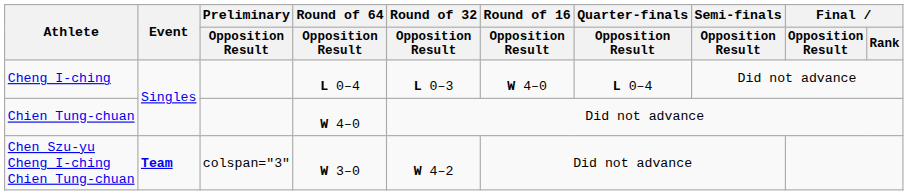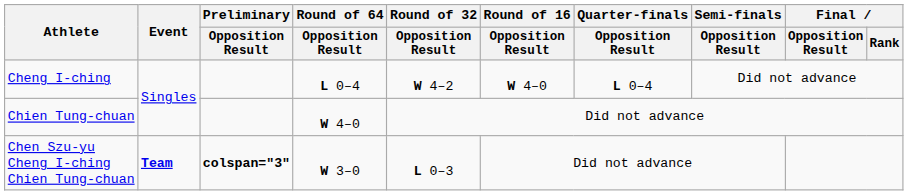 <table class="wikitable" style="font-size:90%; text-align:center">
 <tr>
 <th rowspan="2">Athlete</th>
 <th rowspan="2">Event</th>
 <th>Preliminary</th>
 <th>Round of 64</th>
 <th>Round of 32</th>
 <th>Round of 16</th>
 <th>Quarter-finals</th>
 <th>Semi-finals</th>
 <th colspan="2">Final / </th>
 </tr>
 <tr style=font-size:95%>
 <th>Opposition<br>Result</th>
 <th>Opposition<br>Result</th>
 <th>Opposition<br>Result</th>
 <th>Opposition<br>Result</th>
 <th>Opposition<br>Result</th>
 <th>Opposition<br>Result</th>
 <th>Opposition<br>Result</th>
 <th>Rank</th>
 </tr>
 <tr>
 <td align="left"><a href='#'>Cheng I-ching</a></td>
 <td align="left" rowspan="2"><a href='#'>Singles</a></td>
 <td></td>
 <td><br><strong>L</strong> 0–4</td>
-<td><br><strong>L</strong> 0–3</td>
+<td><br><strong>W</strong> 4–2</td>
 <td><br><strong>W</strong> 4–0</td>
 <td><br><strong>L</strong> 0–4</td>
 <td colspan="3">Did not advance</td>
 </tr>
 <tr>
 <td align="left"><a href='#'>Chien Tung-chuan</a></td>
 <td></td>
 <td><br><strong>W</strong> 4–0</td>
 <td colspan="6">Did not advance</td>
 </tr>
 <tr>
 <td align="left"><a href='#'>Chen Szu-yu</a><br><a href='#'>Cheng I-ching</a><br><a href='#'>Chien Tung-chuan</a></td>
 <td align="left"><strong><a href='#'>Team</a></strong></td>
-<td>colspan="3" </td>
+<td><strong>colspan="3" </strong></td>
 <td><br><strong>W</strong> 3–0</td>
-<td><br><strong>W</strong> 4–2</td>
+<td><br><strong>L</strong> 0–3</td>
 <td colspan="3">Did not advance</td>
 </tr>
 </table>
